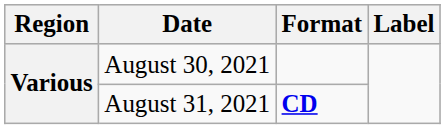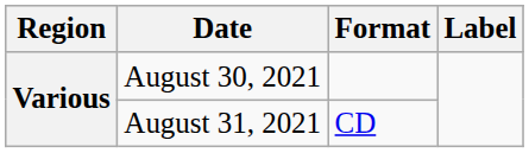 <table class="wikitable plainrowheaders">
 <tr>
 <th>Region</th>
 <th>Date</th>
 <th>Format</th>
 <th>Label</th>
 </tr>
 <tr>
 <th rowspan="2" scope="row">Various</th>
 <td>August 30, 2021</td>
 <td></td>
 <td rowspan="2"></td>
 </tr>
 <tr>
 <td>August 31, 2021</td>
-<td><strong><a href='#'>CD</a></strong></td>
+<td><a href='#'>CD</a></td>
 </tr>
 </table>
